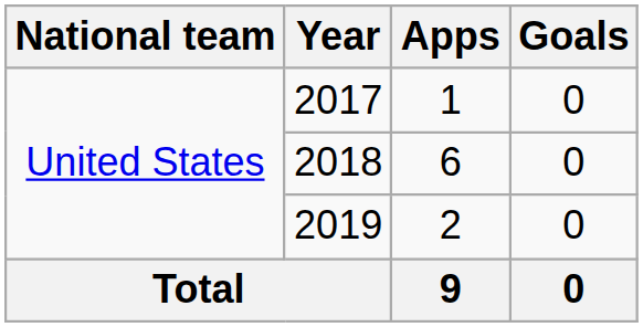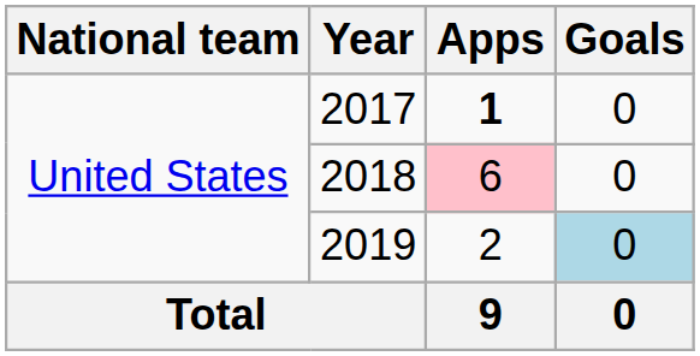 <table class="wikitable" style="text-align:center">
 <tr>
 <th>National team</th>
 <th>Year</th>
 <th>Apps</th>
 <th>Goals</th>
 </tr>
 <tr>
 <td rowspan="3"><a href='#'>United States</a></td>
 <td>2017</td>
-<td>1</td>
+<td><strong>1</strong></td>
 <td>0</td>
 </tr>
 <tr>
 <td>2018</td>
-<td>6</td>
+<td style="background: pink;">6</td>
 <td>0</td>
 </tr>
 <tr>
 <td>2019</td>
 <td>2</td>
-<td>0</td>
+<td style="background: lightblue;">0</td>
 </tr>
 <tr>
 <th colspan="2">Total</th>
 <th>9</th>
 <th>0</th>
 </tr>
 </table>
